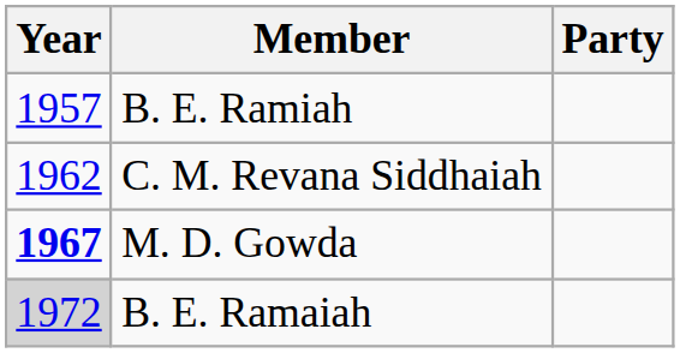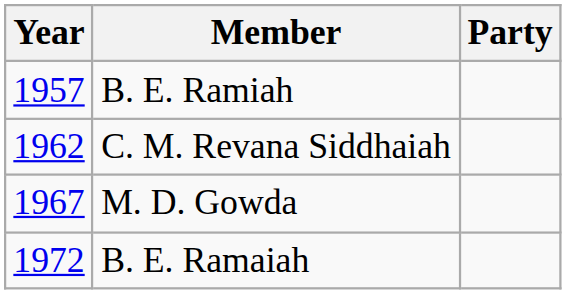 <table class="wikitable sortable">
 <tr>
 <th>Year</th>
 <th>Member</th>
 <th colspan="2">Party</th>
 </tr>
 <tr>
 <td><a href='#'>1957</a></td>
 <td>B. E. Ramiah</td>
 <td></td>
 </tr>
 <tr>
 <td><a href='#'>1962</a></td>
 <td>C. M. Revana Siddhaiah</td>
 <td></td>
 </tr>
 <tr>
-<td><strong><a href='#'>1967</a></strong></td>
+<td><a href='#'>1967</a></td>
 <td>M. D. Gowda</td>
 <td></td>
 </tr>
 <tr>
-<td style="background: lightgrey;"><a href='#'>1972</a></td>
+<td><a href='#'>1972</a></td>
 <td>B. E. Ramaiah</td>
 </tr>
 </table>
